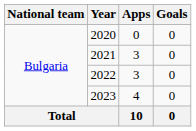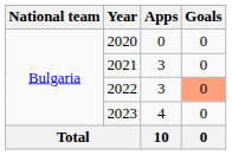 <table class="wikitable" style="text-align:center">
 <tr>
 <th>National team</th>
 <th>Year</th>
 <th>Apps</th>
 <th>Goals</th>
 </tr>
 <tr>
 <td rowspan="4"><a href='#'>Bulgaria</a></td>
 <td>2020</td>
 <td>0</td>
 <td>0</td>
 </tr>
 <tr>
 <td>2021</td>
 <td>3</td>
 <td>0</td>
 </tr>
 <tr>
 <td>2022</td>
 <td>3</td>
-<td>0</td>
+<td style="background: lightsalmon;">0</td>
 </tr>
 <tr>
 <td>2023</td>
 <td>4</td>
 <td>0</td>
 </tr>
 <tr>
 <th colspan="2">Total</th>
 <th>10</th>
 <th>0</th>
 </tr>
 </table>
